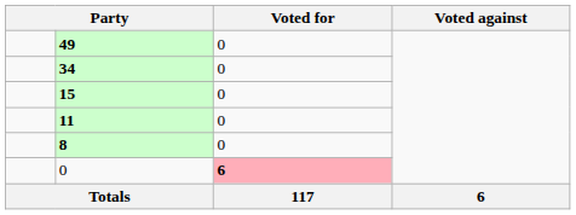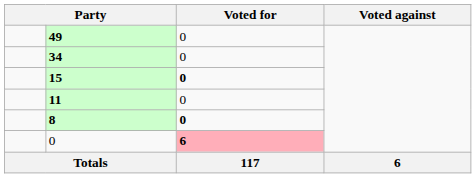 <table class="wikitable">
 <tr>
 <th colspan="2" width="200">Party</th>
 <th width="170">Voted for</th>
 <th width="170">Voted against</th>
 </tr>
 <tr>
 <td></td>
 <td style="background-color:#CCFFCC;"><strong>49</strong></td>
 <td>0</td>
 </tr>
 <tr>
 <td></td>
 <td style="background-color:#CCFFCC;"><strong>34</strong></td>
 <td>0</td>
 </tr>
 <tr>
 <td></td>
 <td style="background-color:#CCFFCC;"><strong>15</strong></td>
-<td>0</td>
+<td><strong>0</strong></td>
 </tr>
 <tr>
 <td></td>
 <td style="background-color:#CCFFCC;"><strong>11</strong></td>
 <td>0</td>
 </tr>
 <tr>
 <td></td>
 <td style="background-color:#CCFFCC;"><strong>8</strong></td>
-<td>0</td>
+<td><strong>0</strong></td>
 </tr>
 <tr>
 <td></td>
 <td>0</td>
 <td style="background-color:#FFAEB9;"><strong>6</strong></td>
 </tr>
 <tr>
 <th colspan="2">Totals</th>
 <th>117</th>
 <th>6</th>
 </tr>
 </table>
